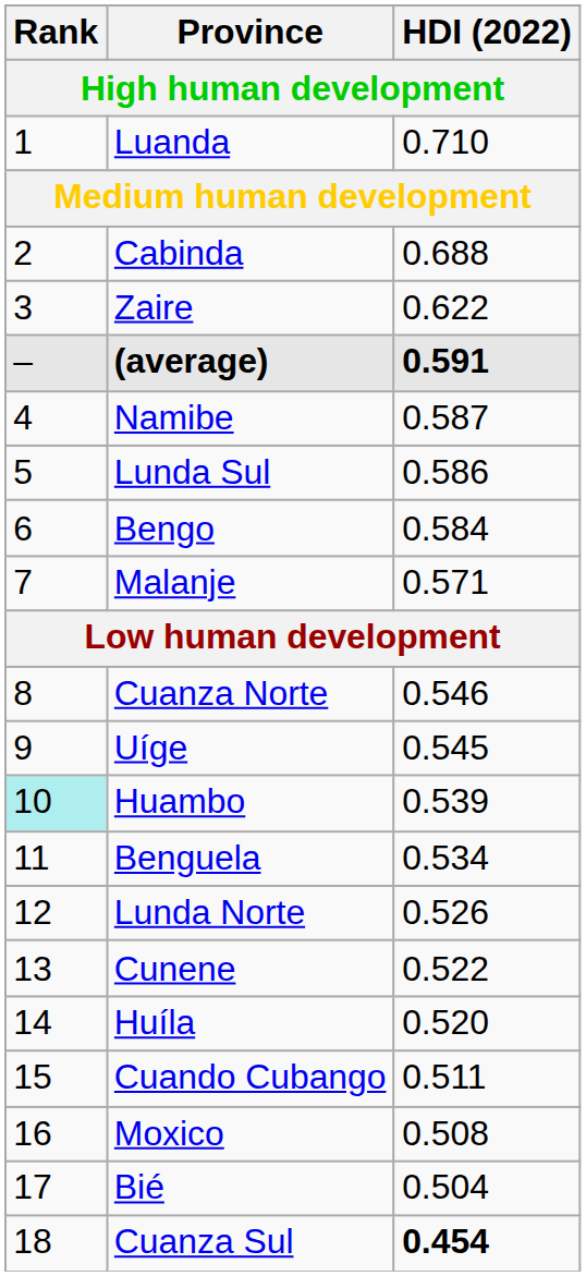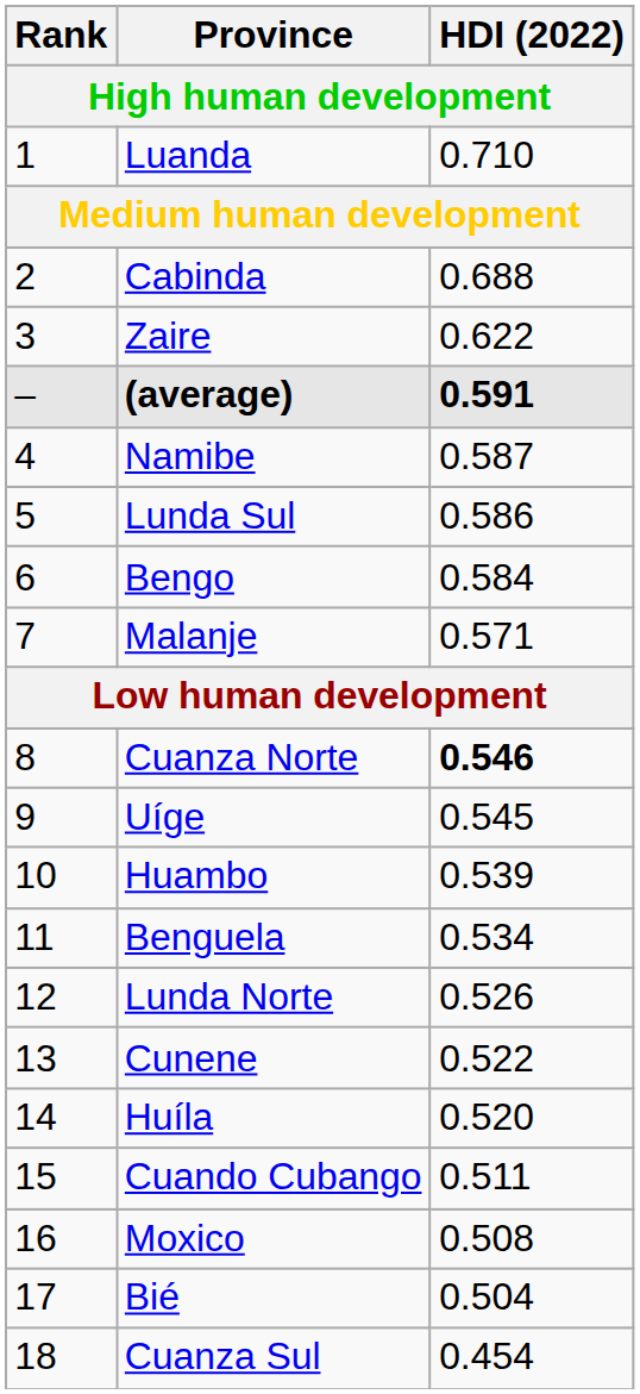 <table class="wikitable sortable">
 <tr>
 <th class="sort">Rank</th>
 <th class="sort">Province</th>
 <th class="sort">HDI (2022)</th>
 </tr>
 <tr>
 <th colspan="4" style="color:#0c0;">High human development</th>
 </tr>
 <tr>
 <td>1</td>
 <td><a href='#'>Luanda</a></td>
 <td>0.710</td>
 </tr>
 <tr>
 <th colspan="4" style="color:#fc0;">Medium human development</th>
 </tr>
 <tr>
 <td>2</td>
 <td style="text-align:left"><a href='#'>Cabinda</a></td>
 <td>0.688</td>
 </tr>
 <tr>
 <td>3</td>
 <td><a href='#'>Zaire</a></td>
 <td>0.622</td>
 </tr>
 <tr style="background:#e6e6e6">
 <td>–</td>
 <td style="text-align:left"><strong> (average)</strong></td>
 <td><strong>0.591</strong></td>
 </tr>
 <tr>
 <td>4</td>
 <td><a href='#'>Namibe</a></td>
 <td>0.587</td>
 </tr>
 <tr>
 <td>5</td>
 <td><a href='#'>Lunda Sul</a></td>
 <td>0.586</td>
 </tr>
 <tr>
 <td>6</td>
 <td style="text-align:left"><a href='#'>Bengo</a></td>
 <td>0.584</td>
 </tr>
 <tr>
 <td>7</td>
 <td><a href='#'>Malanje</a></td>
 <td>0.571</td>
 </tr>
 <tr>
 <th colspan="4" style="color:#900;">Low human development</th>
 </tr>
 <tr>
 <td>8</td>
 <td><a href='#'>Cuanza Norte</a></td>
-<td>0.546</td>
+<td><strong>0.546</strong></td>
 </tr>
 <tr>
 <td>9</td>
 <td><a href='#'>Uíge</a></td>
 <td>0.545</td>
 </tr>
 <tr>
-<td style="background: paleturquoise;">10</td>
+<td>10</td>
 <td style="text-align:left"><a href='#'>Huambo</a></td>
 <td>0.539</td>
 </tr>
 <tr>
 <td>11</td>
 <td style="text-align:left"><a href='#'>Benguela</a></td>
 <td>0.534</td>
 </tr>
 <tr>
 <td>12</td>
 <td><a href='#'>Lunda Norte</a></td>
 <td>0.526</td>
 </tr>
 <tr>
 <td>13</td>
 <td style="text-align:left"><a href='#'>Cunene</a></td>
 <td>0.522</td>
 </tr>
 <tr>
 <td>14</td>
 <td><a href='#'>Huíla</a></td>
 <td>0.520</td>
 </tr>
 <tr>
 <td>15</td>
 <td><a href='#'>Cuando Cubango</a></td>
 <td>0.511</td>
 </tr>
 <tr>
 <td>16</td>
 <td><a href='#'>Moxico</a></td>
 <td>0.508</td>
 </tr>
 <tr>
 <td>17</td>
 <td style="text-align:left"><a href='#'>Bié</a></td>
 <td>0.504</td>
 </tr>
 <tr>
 <td>18</td>
 <td><a href='#'>Cuanza Sul</a></td>
-<td><strong>0.454</strong></td>
+<td>0.454</td>
 </tr>
 </table>
